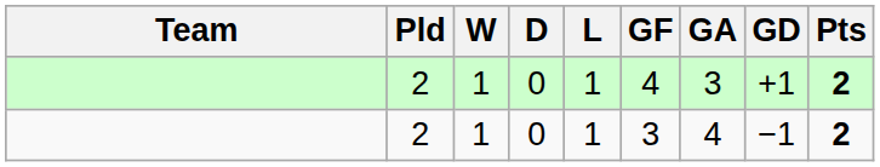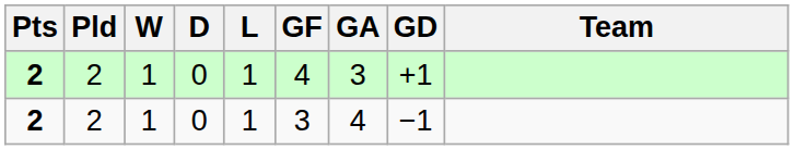 <table class="wikitable" style="text-align:center;">
 <tr>
-<th width=180>Team</th>
+<th width=20>Pts</th>
 <th width=20>Pld</th>
 <th width=20>W</th>
 <th width=20>D</th>
 <th width=20>L</th>
 <th width=20>GF</th>
 <th width=20>GA</th>
 <th width=20>GD</th>
-<th width=20>Pts</th>
+<th width=180>Team</th>
 </tr>
 <tr bgcolor="ccffcc">
-<td align="left"></td>
+<td><strong>2</strong></td>
 <td>2</td>
 <td>1</td>
 <td>0</td>
 <td>1</td>
 <td>4</td>
 <td>3</td>
 <td>+1</td>
-<td><strong>2</strong></td>
+<td align="left"></td>
 </tr>
 <tr>
-<td align="left"></td>
+<td><strong>2</strong></td>
 <td>2</td>
 <td>1</td>
 <td>0</td>
 <td>1</td>
 <td>3</td>
 <td>4</td>
 <td>−1</td>
-<td><strong>2</strong></td>
+<td align="left"></td>
 </tr>
 </table>
